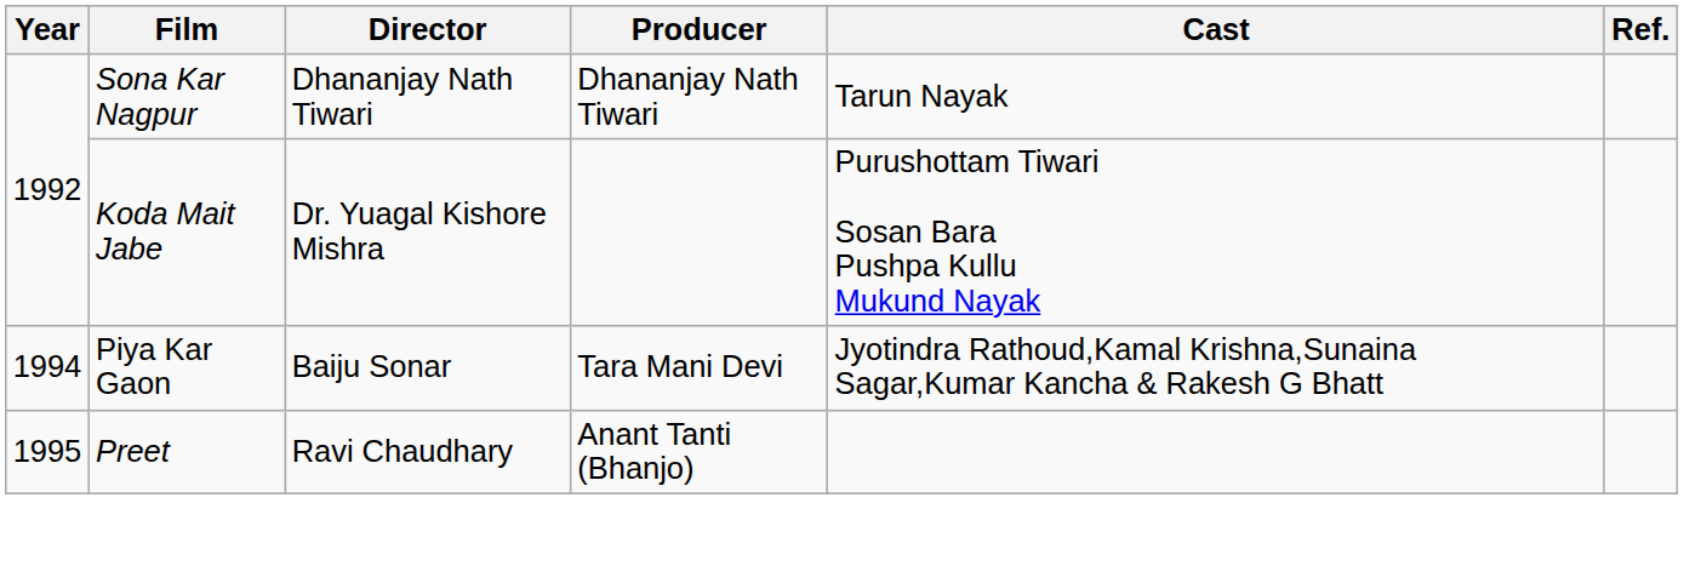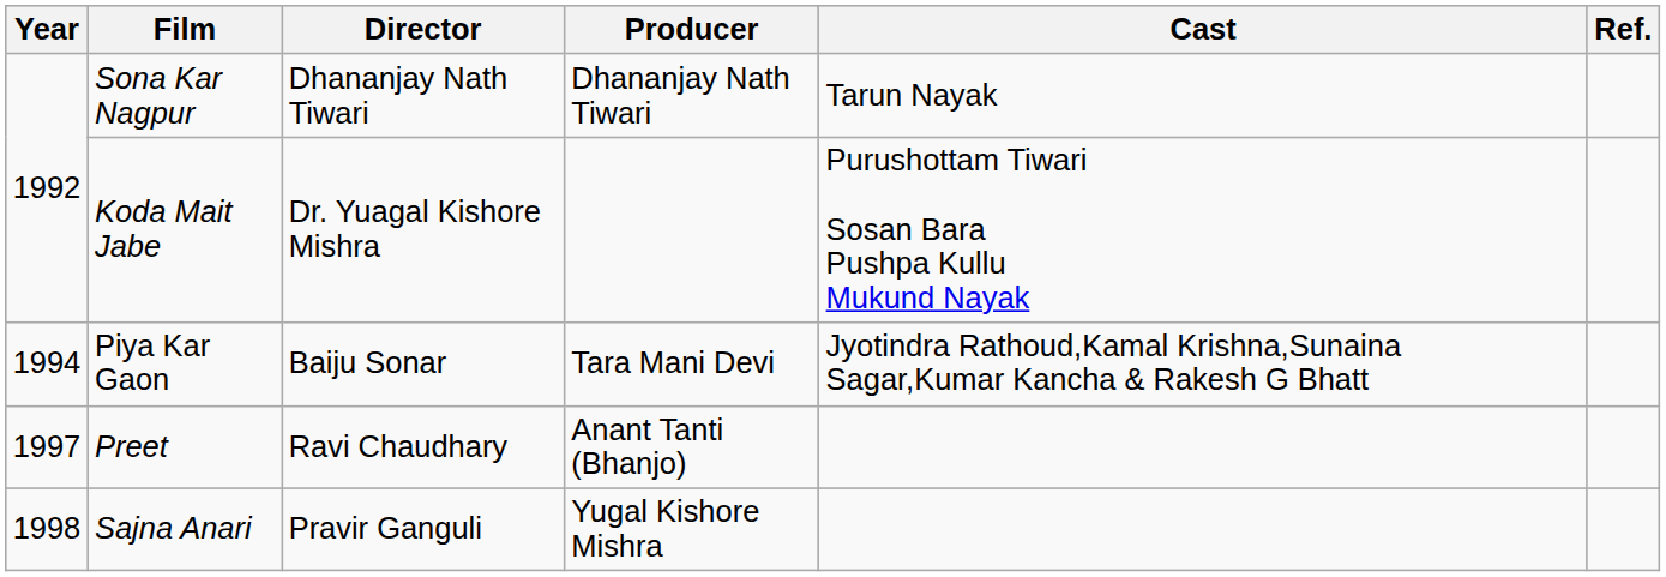 <table class="wikitable">
 <tr>
 <th>Year</th>
 <th>Film</th>
 <th>Director</th>
 <th>Producer</th>
 <th>Cast</th>
 <th>Ref.</th>
 </tr>
 <tr>
 <td rowspan="2">1992</td>
 <td><em>Sona Kar Nagpur</em></td>
 <td>Dhananjay Nath Tiwari</td>
 <td>Dhananjay Nath Tiwari</td>
 <td>Tarun Nayak</td>
 <td></td>
 </tr>
 <tr>
 <td><em>Koda Mait Jabe</em></td>
 <td>Dr. Yuagal Kishore Mishra</td>
 <td></td>
 <td>Purushottam Tiwari<br><br>Sosan Bara<br> Pushpa Kullu<br> <a href='#'>Mukund Nayak</a></td>
 <td></td>
 </tr>
 <tr>
 <td>1994</td>
 <td>Piya Kar Gaon</td>
 <td>Baiju Sonar</td>
 <td>Tara Mani Devi</td>
 <td>Jyotindra Rathoud,Kamal Krishna,Sunaina Sagar,Kumar Kancha & Rakesh G Bhatt</td>
 <td></td>
 </tr>
 <tr>
-<td>1995</td>
+<td>1997</td>
 <td><em>Preet</em></td>
 <td>Ravi Chaudhary</td>
 <td>Anant Tanti (Bhanjo)</td>
 <td></td>
 <td></td>
 </tr>
+<tr>
+<td>1998</td>
+<td><em>Sajna Anari</em></td>
+<td>Pravir Ganguli</td>
+<td>Yugal Kishore Mishra</td>
+<td></td>
+<td></td>
+</tr>
 </table>
